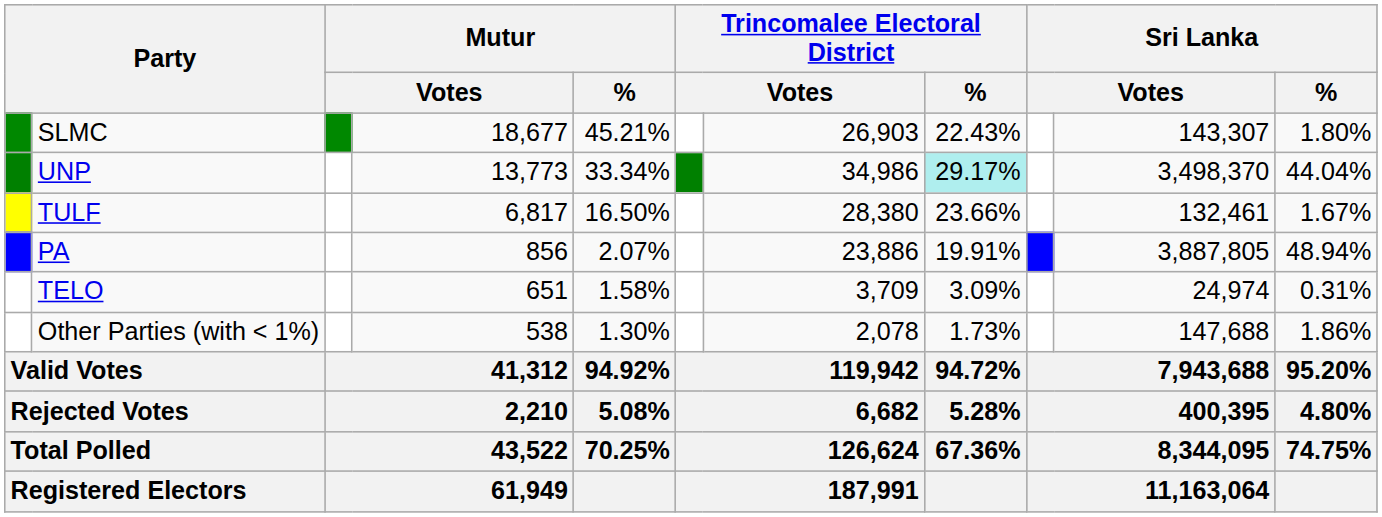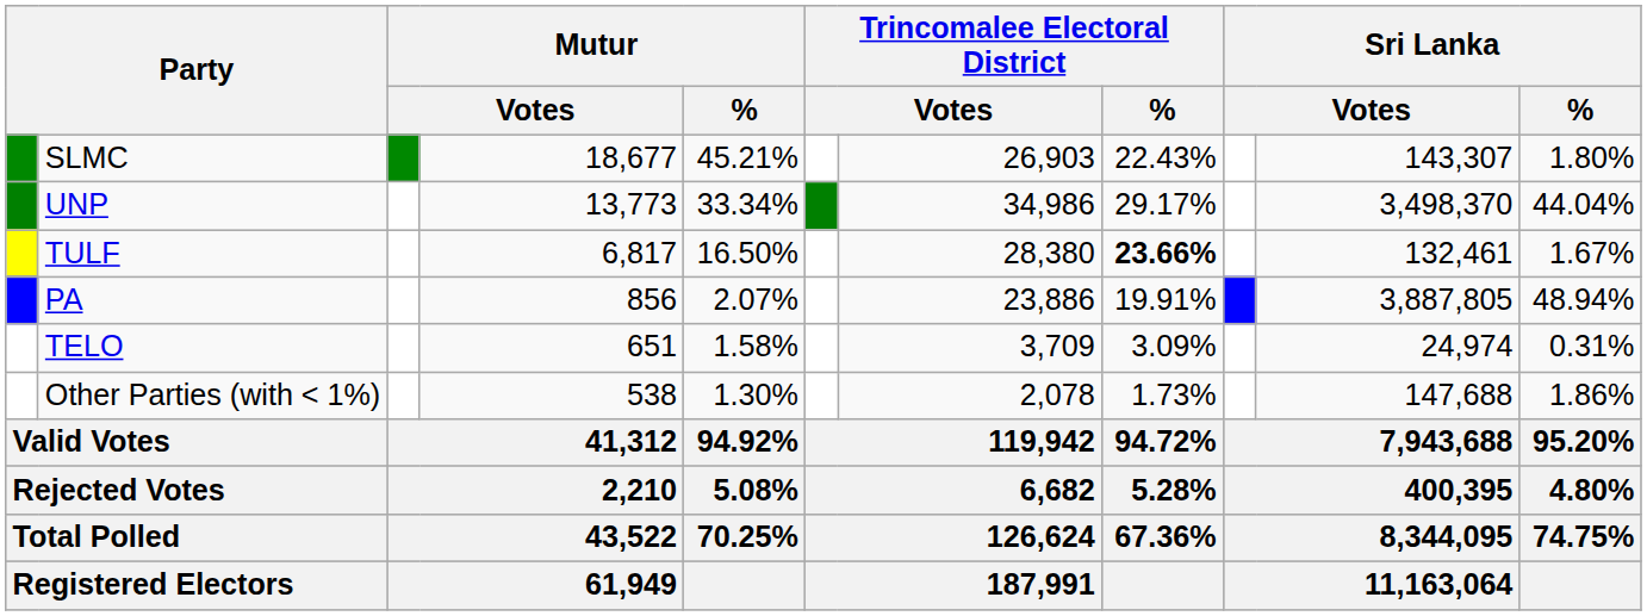 <table class="wikitable">
 <tr>
 <th colspan="2" width="144px"rowspan="2">Party</th>
 <th colspan="3" width="216px">Mutur</th>
 <th colspan="3" width="216px"><a href='#'>Trincomalee Electoral District</a></th>
 <th colspan="3" width="216px">Sri Lanka</th>
 </tr>
 <tr>
 <th colspan="2" width="144px">Votes</th>
 <th>%</th>
 <th colspan="2" width="144px">Votes</th>
 <th>%</th>
 <th colspan="2" width="144px">Votes</th>
 <th>%</th>
 </tr>
 <tr>
 <td style="background-color:#008800;" width="10px"></td>
 <td style="text-align:left;">SLMC</td>
 <td style="background-color:#008800;" width="10px"></td>
 <td style="text-align:right;">18,677</td>
 <td style="text-align:right;">45.21%</td>
 <td style="background-color:white;" width="10px"></td>
 <td style="text-align:right;">26,903</td>
 <td style="text-align:right;">22.43%</td>
 <td style="background-color:white;" width="10px"></td>
 <td style="text-align:right;">143,307</td>
 <td style="text-align:right;">1.80%</td>
 </tr>
 <tr>
 <td style="background-color:green;" width="10px"></td>
 <td style="text-align:left;"><a href='#'>UNP</a></td>
 <td style="background-color:white;" width="10px"></td>
 <td style="text-align:right;">13,773</td>
 <td style="text-align:right;">33.34%</td>
 <td style="background-color:green;" width="10px"></td>
 <td style="text-align:right;">34,986</td>
-<td style="background: paleturquoise; text-align:right;">29.17%</td>
+<td style="text-align:right;">29.17%</td>
 <td style="background-color:white;" width="10px"></td>
 <td style="text-align:right;">3,498,370</td>
 <td style="text-align:right;">44.04%</td>
 </tr>
 <tr>
 <td style="background-color:yellow;" width="10px"></td>
 <td style="text-align:left;"><a href='#'>TULF</a></td>
 <td style="background-color:white;" width="10px"></td>
 <td style="text-align:right;">6,817</td>
 <td style="text-align:right;">16.50%</td>
 <td style="background-color:white;" width="10px"></td>
 <td style="text-align:right;">28,380</td>
-<td style="text-align:right;">23.66%</td>
+<td style="text-align:right;"><strong>23.66%</strong></td>
 <td style="background-color:white;" width="10px"></td>
 <td style="text-align:right;">132,461</td>
 <td style="text-align:right;">1.67%</td>
 </tr>
 <tr>
 <td style="background-color:blue;" width="10px"></td>
 <td style="text-align:left;"><a href='#'>PA</a></td>
 <td style="background-color:white;" width="10px"></td>
 <td style="text-align:right;">856</td>
 <td style="text-align:right;">2.07%</td>
 <td style="background-color:white;" width="10px"></td>
 <td style="text-align:right;">23,886</td>
 <td style="text-align:right;">19.91%</td>
 <td style="background-color:blue;" width="10px"></td>
 <td style="text-align:right;">3,887,805</td>
 <td style="text-align:right;">48.94%</td>
 </tr>
 <tr>
 <td style="background-color:white;" width="10px"></td>
 <td style="text-align:left;"><a href='#'>TELO</a></td>
 <td style="background-color:white;" width="10px"></td>
 <td style="text-align:right;">651</td>
 <td style="text-align:right;">1.58%</td>
 <td style="background-color:white;" width="10px"></td>
 <td style="text-align:right;">3,709</td>
 <td style="text-align:right;">3.09%</td>
 <td style="background-color:white;" width="10px"></td>
 <td style="text-align:right;">24,974</td>
 <td style="text-align:right;">0.31%</td>
 </tr>
 <tr>
 <td style="background-color:white;" width="10px"></td>
 <td style="text-align:left;">Other Parties (with < 1%)</td>
 <td style="background-color:white;" width="10px"></td>
 <td style="text-align:right;">538</td>
 <td style="text-align:right;">1.30%</td>
 <td style="background-color:white;" width="10px"></td>
 <td style="text-align:right;">2,078</td>
 <td style="text-align:right;">1.73%</td>
 <td style="background-color:white;" width="10px"></td>
 <td style="text-align:right;">147,688</td>
 <td style="text-align:right;">1.86%</td>
 </tr>
 <tr>
 <th colspan="2" width="144px"style="text-align:left;">Valid Votes</th>
 <th style="text-align:right;"colspan="2" width="144px">41,312</th>
 <th style="text-align:right;">94.92%</th>
 <th style="text-align:right;"colspan="2" width="144px">119,942</th>
 <th style="text-align:right;">94.72%</th>
 <th style="text-align:right;"colspan="2" width="144px">7,943,688</th>
 <th style="text-align:right;">95.20%</th>
 </tr>
 <tr>
 <th colspan="2" width="144px"style="text-align:left;">Rejected Votes</th>
 <th style="text-align:right;"colspan="2" width="144px">2,210</th>
 <th style="text-align:right;">5.08%</th>
 <th style="text-align:right;"colspan="2" width="144px">6,682</th>
 <th style="text-align:right;">5.28%</th>
 <th style="text-align:right;"colspan="2" width="144px">400,395</th>
 <th style="text-align:right;">4.80%</th>
 </tr>
 <tr>
 <th colspan="2" width="144px"style="text-align:left;">Total Polled</th>
 <th style="text-align:right;"colspan="2" width="144px">43,522</th>
 <th style="text-align:right;">70.25%</th>
 <th style="text-align:right;"colspan="2" width="144px">126,624</th>
 <th style="text-align:right;">67.36%</th>
 <th style="text-align:right;"colspan="2" width="144px">8,344,095</th>
 <th style="text-align:right;">74.75%</th>
 </tr>
 <tr>
 <th colspan="2" width="144px"style="text-align:left;">Registered Electors</th>
 <th style="text-align:right;"colspan="2" width="144px">61,949</th>
 <th></th>
 <th style="text-align:right;"colspan="2" width="144px">187,991</th>
 <th></th>
 <th style="text-align:right;"colspan="2" width="144px">11,163,064</th>
 <th></th>
 </tr>
 </table>
